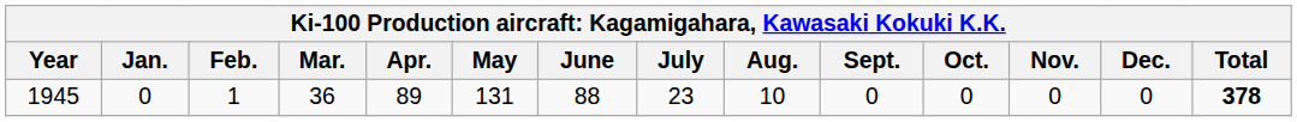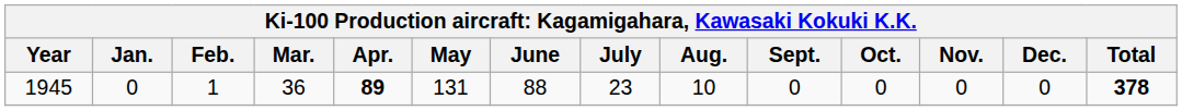 <table class="wikitable" width=70%">
 <tr>
 <th colspan=14>Ki-100 Production aircraft: Kagamigahara, <a href='#'>Kawasaki Kokuki K.K.</a></th>
 </tr>
 <tr>
 <th><strong>Year</strong></th>
 <th>Jan.</th>
 <th>Feb.</th>
 <th>Mar.</th>
 <th>Apr.</th>
 <th>May</th>
 <th>June</th>
 <th>July</th>
 <th>Aug.</th>
 <th>Sept.</th>
 <th>Oct.</th>
 <th>Nov.</th>
 <th>Dec.</th>
 <th><strong>Total</strong></th>
 </tr>
 <tr>
 <td align="center">1945</td>
 <td align="center">0</td>
 <td align="center">1</td>
 <td align="center">36</td>
-<td align="center">89</td>
+<td align="center"><strong>89</strong></td>
 <td align="center">131</td>
 <td align="center">88</td>
 <td align="center">23</td>
 <td align="center">10</td>
 <td align="center">0</td>
 <td align="center">0</td>
 <td align="center">0</td>
 <td align="center">0</td>
 <td align="center"><strong>378</strong></td>
 </tr>
 <tr>
 </tr>
 </table>
